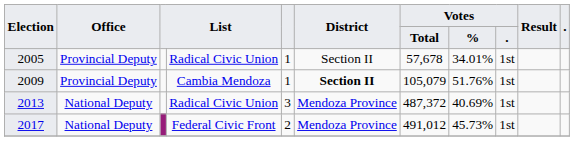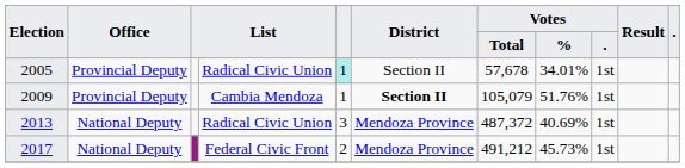 <table class="wikitable" style="font-size:90%; text-align:center;">
 <tr>
 <th style="background-color:#EAECF0;" rowspan=2>Election</th>
 <th style="background-color:#EAECF0;" rowspan=2>Office</th>
 <th style="background-color:#EAECF0;" colspan=2 rowspan=2>List</th>
 <th style="background-color:#EAECF0;" rowspan=2></th>
 <th style="background-color:#EAECF0;" rowspan=2>District</th>
 <th style="background-color:#EAECF0;" colspan=3>Votes</th>
 <th style="background-color:#EAECF0;" rowspan=2>Result</th>
 <th style="background-color:#EAECF0;" rowspan=2>.</th>
 </tr>
 <tr>
 <th style="background-color:#EAECF0;">Total</th>
 <th style="background-color:#EAECF0;">%</th>
 <th style="background-color:#EAECF0;">.</th>
 </tr>
 <tr>
 <td style="background-color:#EAECF0;">2005</td>
 <td><a href='#'>Provincial Deputy</a></td>
 <td style="background-color:"></td>
 <td><a href='#'>Radical Civic Union</a></td>
-<td>1</td>
+<td style="background: paleturquoise;">1</td>
 <td>Section II</td>
 <td>57,678</td>
 <td>34.01%</td>
 <td>1st</td>
 <td></td>
 <td></td>
 </tr>
 <tr>
 <td style="background-color:#EAECF0;">2009</td>
 <td><a href='#'>Provincial Deputy</a></td>
 <td style="background-color:"></td>
 <td><a href='#'>Cambia Mendoza</a></td>
 <td>1</td>
 <td><strong>Section II</strong></td>
 <td>105,079</td>
 <td>51.76%</td>
 <td>1st</td>
 <td></td>
 <td></td>
 </tr>
 <tr>
 <td style="background-color:#EAECF0;"><a href='#'>2013</a></td>
 <td><a href='#'>National Deputy</a></td>
 <td style="background-color:"></td>
 <td><a href='#'>Radical Civic Union</a></td>
 <td>3</td>
 <td><a href='#'>Mendoza Province</a></td>
 <td>487,372</td>
 <td>40.69%</td>
 <td>1st</td>
 <td></td>
 <td></td>
 </tr>
 <tr>
 <td style="background-color:#EAECF0;"><a href='#'>2017</a></td>
 <td><a href='#'>National Deputy</a></td>
 <td style="background-color:#961C79;"></td>
 <td><a href='#'>Federal Civic Front</a></td>
 <td>2</td>
 <td><a href='#'>Mendoza Province</a></td>
-<td>491,012</td>
+<td>491,212</td>
 <td>45.73%</td>
 <td>1st</td>
 <td></td>
 <td></td>
 </tr>
 <tr>
 </tr>
 </table>
